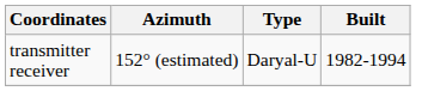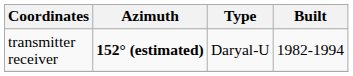 <table class="wikitable">
 <tr align=center>
 <th>Coordinates</th>
 <th>Azimuth </th>
 <th>Type</th>
 <th>Built</th>
 </tr>
 <tr>
 <td> transmitter<br> receiver</td>
-<td>152° (estimated)</td>
+<td><strong>152° (estimated)</strong></td>
 <td>Daryal-U</td>
 <td>1982-1994</td>
 </tr>
 <tr>
 </tr>
 </table>
